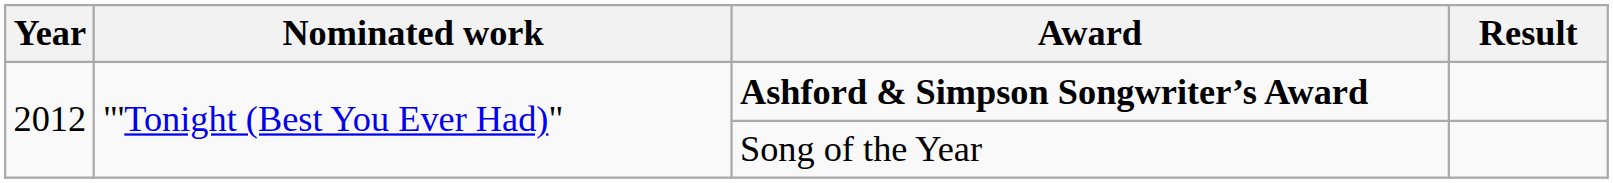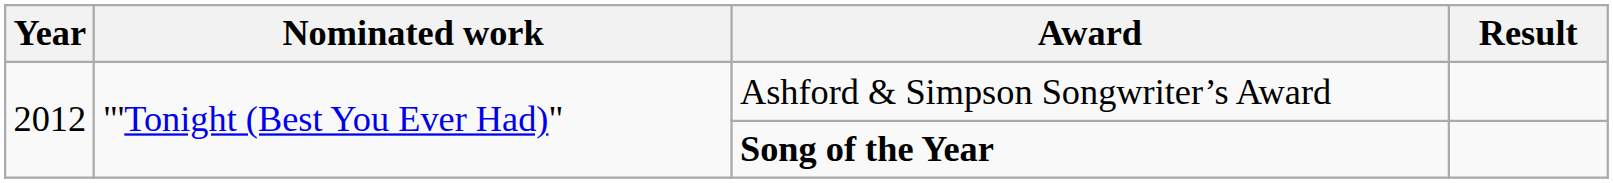 <table class="wikitable" width=80%>
 <tr>
 <th width=5%>Year</th>
 <th width=40%>Nominated work</th>
 <th width=45%>Award</th>
 <th width=10%>Result</th>
 </tr>
 <tr>
 <td rowspan="2">2012</td>
 <td rowspan="2">"'<a href='#'>Tonight (Best You Ever Had)</a>"</td>
-<td><strong>Ashford & Simpson Songwriter’s Award</strong></td>
+<td>Ashford & Simpson Songwriter’s Award</td>
 <td></td>
 </tr>
 <tr>
-<td>Song of the Year</td>
+<td><strong>Song of the Year</strong></td>
 <td></td>
 </tr>
 </table>
